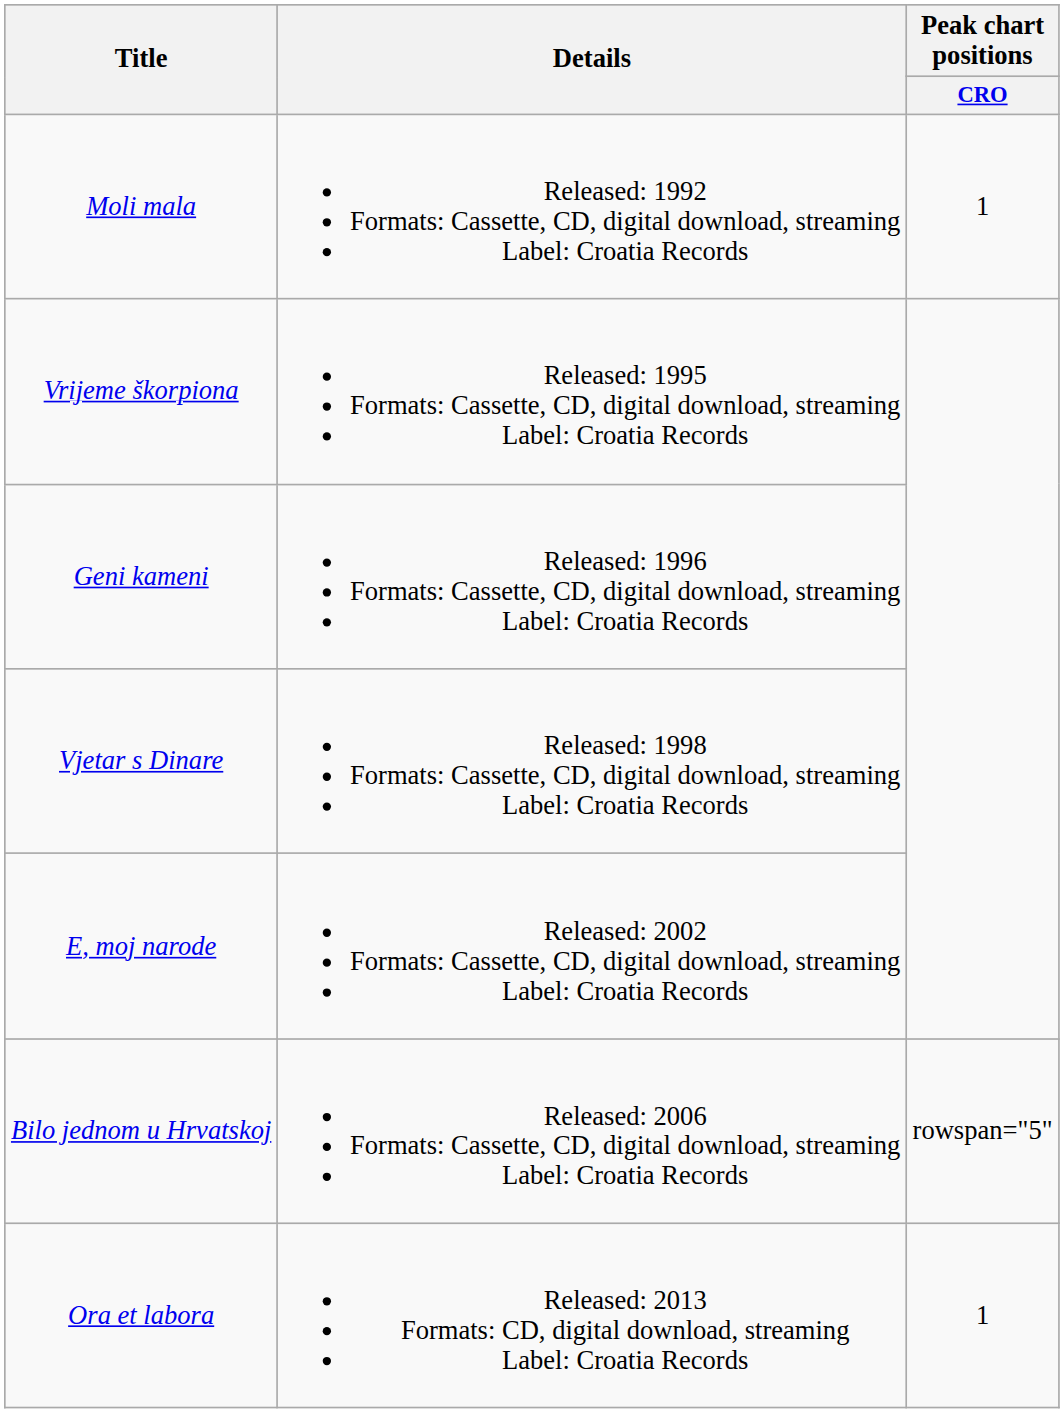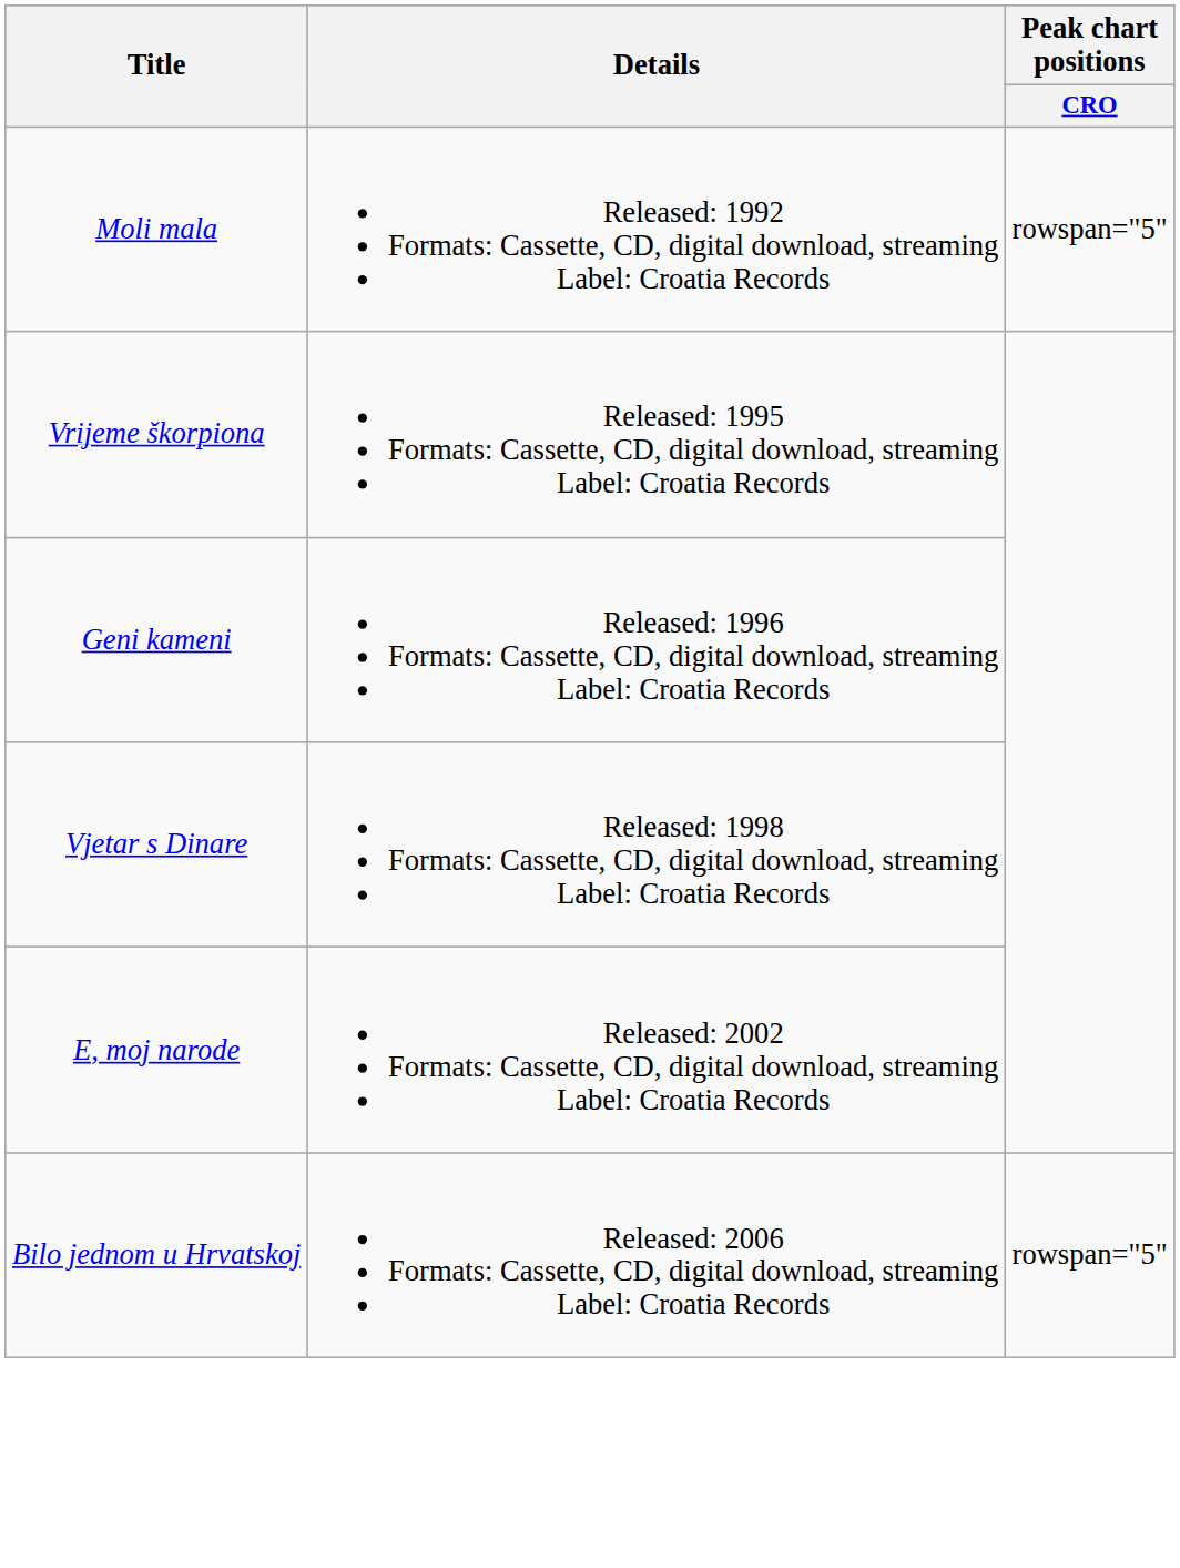 <table class="wikitable plainrowheaders" style="text-align:center;">
 <tr>
 <th scope="col" rowspan="2">Title</th>
 <th scope="col" rowspan="2">Details</th>
 <th scope="col" colspan="1">Peak chart positions</th>
 </tr>
 <tr>
 <th scope="col" style="width:3em;font-size:85%;"><a href='#'>CRO</a><br></th>
 </tr>
 <tr>
 <td><em><a href='#'>Moli mala</a></em></td>
 <td><br><ul><li>Released: 1992</li><li>Formats: Cassette, CD, digital download, streaming</li><li>Label: Croatia Records</li></ul></td>
-<td>1</td>
+<td>rowspan="5" </td>
 </tr>
 <tr>
 <td><em><a href='#'>Vrijeme škorpiona</a></em></td>
 <td><br><ul><li>Released: 1995</li><li>Formats: Cassette, CD, digital download, streaming</li><li>Label: Croatia Records</li></ul></td>
 </tr>
 <tr>
 <td><em><a href='#'>Geni kameni</a></em></td>
 <td><br><ul><li>Released: 1996</li><li>Formats: Cassette, CD, digital download, streaming</li><li>Label: Croatia Records</li></ul></td>
 </tr>
 <tr>
 <td><em><a href='#'>Vjetar s Dinare</a></em></td>
 <td><br><ul><li>Released: 1998</li><li>Formats: Cassette, CD, digital download, streaming</li><li>Label: Croatia Records</li></ul></td>
 </tr>
 <tr>
 <td><em><a href='#'>E, moj narode</a></em></td>
 <td><br><ul><li>Released: 2002</li><li>Formats: Cassette, CD, digital download, streaming</li><li>Label: Croatia Records</li></ul></td>
 </tr>
 <tr>
 <td><em><a href='#'>Bilo jednom u Hrvatskoj</a></em></td>
 <td><br><ul><li>Released: 2006</li><li>Formats: Cassette, CD, digital download, streaming</li><li>Label: Croatia Records</li></ul></td>
 <td>rowspan="5" </td>
 </tr>
-<tr>
-<td><em><a href='#'>Ora et labora</a></em></td>
-<td><br><ul><li>Released: 2013</li><li>Formats: CD, digital download, streaming</li><li>Label: Croatia Records</li></ul></td>
-<td>1</td>
-</tr>
 </table>
